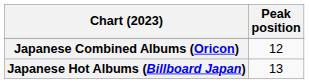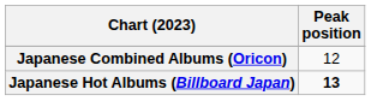 <table class="wikitable sortable plainrowheaders" style="text-align:center;">
 <tr>
 <th scope="col">Chart (2023)</th>
 <th scope="col">Peak<br>position</th>
 </tr>
 <tr>
 </tr>
 <tr>
 <th scope="row">Japanese Combined Albums (<a href='#'>Oricon</a>)</th>
 <td>12</td>
 </tr>
 <tr>
 <th scope="row">Japanese Hot Albums (<em><a href='#'>Billboard Japan</a></em>)</th>
-<td>13</td>
+<td><strong>13</strong></td>
 </tr>
 </table>
